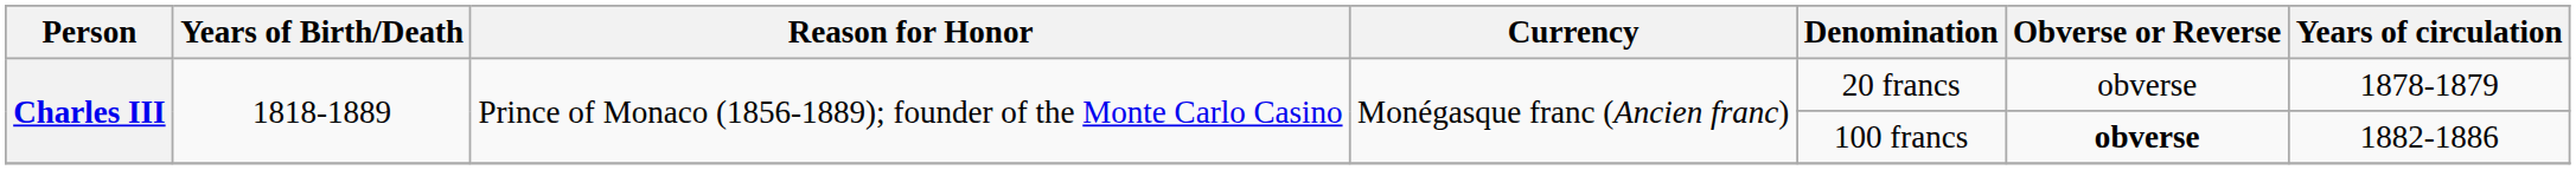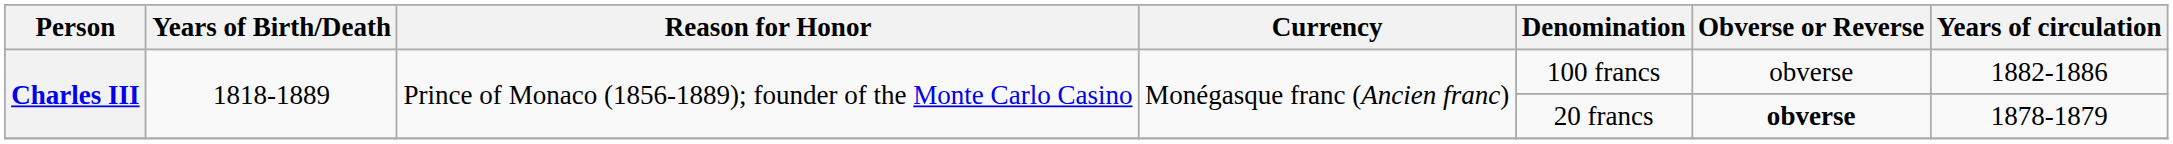 <table class="wikitable" style="font-size:95%; text-align:center;">
 <tr>
 <th>Person</th>
 <th>Years of Birth/Death</th>
 <th>Reason for Honor</th>
 <th>Currency</th>
 <th>Denomination</th>
 <th>Obverse or Reverse</th>
 <th>Years of circulation</th>
 </tr>
 <tr>
 <th rowspan="2"><a href='#'>Charles III</a></th>
 <td rowspan="2">1818-1889</td>
 <td rowspan="2">Prince of Monaco (1856-1889); founder of the <a href='#'>Monte Carlo Casino</a></td>
 <td rowspan="2">Monégasque franc (<em>Ancien franc</em>)</td>
-<td>20 francs</td>
+<td>100 francs</td>
 <td>obverse</td>
-<td>1878-1879</td>
+<td>1882-1886</td>
 </tr>
 <tr>
-<td>100 francs</td>
+<td>20 francs</td>
 <td><strong>obverse</strong></td>
-<td>1882-1886</td>
+<td>1878-1879</td>
 </tr>
 <tr>
 </tr>
 </table>
